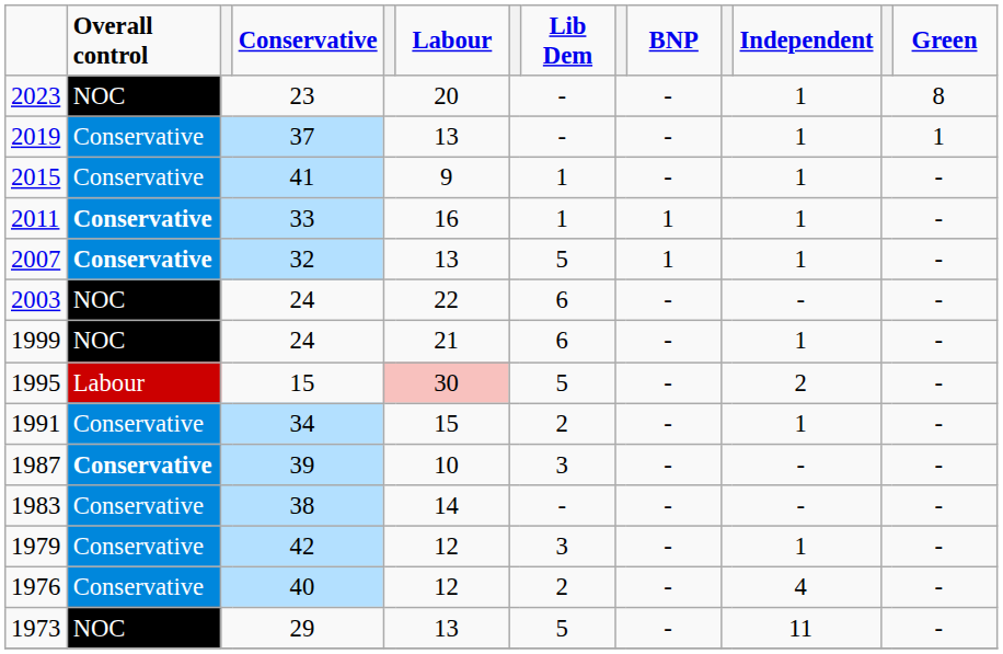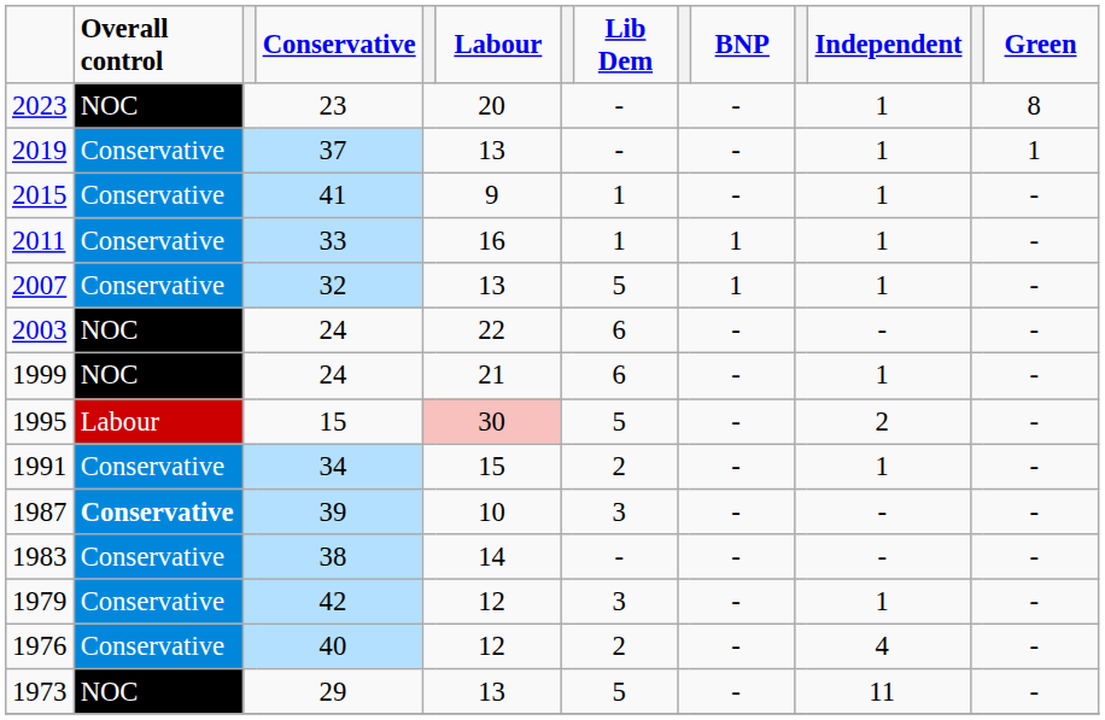 <table class="wikitable" style="text-align:left; padding-left:1em; font-size: 95%">
 <tr>
 <td width=32></td>
 <td width=90><strong>Overall control</strong></td>
 <th style="background-color: "></th>
 <td width=87 align="center"><strong><a href='#'>Conservative</a></strong></td>
 <th style="background-color: "></th>
 <td width=87 align="center"><strong><a href='#'>Labour</a></strong></td>
 <th style="background-color: "></th>
 <td width=87 align="center"><strong><a href='#'>Lib Dem</a></strong></td>
 <th style="background-color: "></th>
 <td width=87 align="center"><strong><a href='#'>BNP</a></strong></td>
 <th style="background-color: "></th>
 <td width=87 align="center"><strong><a href='#'>Independent</a></strong></td>
 <th style="background-color: "></th>
 <td width=87 align="center"><strong><a href='#'>Green</a></strong></td>
 </tr>
 <tr>
 <td><a href='#'>2023</a></td>
 <td style="background:#000000; color:white">NOC</td>
 <td colspan=2 align="center">23</td>
 <td colspan=2 align="center">20</td>
 <td colspan=2 align="center">-</td>
 <td colspan=2 align="center">-</td>
 <td colspan=2 align="center">1</td>
 <td colspan=2 align="center">8</td>
 </tr>
 <tr>
 <td><a href='#'>2019</a></td>
 <td style="background:#0087DC; color:white">Conservative</td>
 <td colspan=2 align="center" style="background:#B3E0FF">37</td>
 <td colspan=2 align="center">13</td>
 <td colspan=2 align="center">-</td>
 <td colspan=2 align="center">-</td>
 <td colspan=2 align="center">1</td>
 <td colspan=2 align="center">1</td>
 </tr>
 <tr>
 <td><a href='#'>2015</a></td>
 <td style="background:#0087DC; color:white">Conservative</td>
 <td colspan=2 align="center" style="background:#B3E0FF">41</td>
 <td colspan=2 align="center">9</td>
 <td colspan=2 align="center">1</td>
 <td colspan=2 align="center">-</td>
 <td colspan=2 align="center">1</td>
 <td colspan=2 align="center">-</td>
 </tr>
 <tr>
 <td><a href='#'>2011</a></td>
-<td style="background:#0087DC; color:white"><strong>Conservative</strong></td>
+<td style="background:#0087DC; color:white">Conservative</td>
 <td colspan=2 align="center" style="background:#B3E0FF">33</td>
 <td colspan=2 align="center">16</td>
 <td colspan=2 align="center">1</td>
 <td colspan=2 align="center">1</td>
 <td colspan=2 align="center">1</td>
 <td colspan=2 align="center">-</td>
 </tr>
 <tr>
 <td><a href='#'>2007</a></td>
-<td style="background:#0087DC; color:white"><strong>Conservative</strong></td>
+<td style="background:#0087DC; color:white">Conservative</td>
 <td colspan=2 align="center" style="background:#B3E0FF">32</td>
 <td colspan=2 align="center">13</td>
 <td colspan=2 align="center">5</td>
 <td colspan=2 align="center">1</td>
 <td colspan=2 align="center">1</td>
 <td colspan=2 align="center">-</td>
 </tr>
 <tr>
 <td><a href='#'>2003</a></td>
 <td style="background:#000000; color:white">NOC</td>
 <td colspan=2 align="center">24</td>
 <td colspan=2 align="center">22</td>
 <td colspan=2 align="center">6</td>
 <td colspan=2 align="center">-</td>
 <td colspan=2 align="center">-</td>
 <td colspan=2 align="center">-</td>
 </tr>
 <tr>
 <td>1999</td>
 <td style="background:#000000; color:white">NOC</td>
 <td colspan=2 align="center">24</td>
 <td colspan=2 align="center">21</td>
 <td colspan=2 align="center">6</td>
 <td colspan=2 align="center">-</td>
 <td colspan=2 align="center">1</td>
 <td colspan=2 align="center">-</td>
 </tr>
 <tr>
 <td>1995</td>
 <td style="background:#cc0000; color:white">Labour</td>
 <td colspan=2 align="center">15</td>
 <td colspan=2 align="center" style="background:#F8C1BE">30</td>
 <td colspan=2 align="center">5</td>
 <td colspan=2 align="center">-</td>
 <td colspan=2 align="center">2</td>
 <td colspan=2 align="center">-</td>
 </tr>
 <tr>
 <td>1991</td>
 <td style="background:#0087DC; color:white">Conservative</td>
 <td colspan=2 align="center" style="background:#B3E0FF">34</td>
 <td colspan=2 align="center">15</td>
 <td colspan=2 align="center">2</td>
 <td colspan=2 align="center">-</td>
 <td colspan=2 align="center">1</td>
 <td colspan=2 align="center">-</td>
 </tr>
 <tr>
 <td>1987</td>
 <td style="background:#0087DC; color:white"><strong>Conservative</strong></td>
 <td colspan=2 align="center" style="background:#B3E0FF">39</td>
 <td colspan=2 align="center">10</td>
 <td colspan=2 align="center">3</td>
 <td colspan=2 align="center">-</td>
 <td colspan=2 align="center">-</td>
 <td colspan=2 align="center">-</td>
 </tr>
 <tr>
 <td>1983</td>
 <td style="background:#0087DC; color:white">Conservative</td>
 <td colspan=2 align="center" style="background:#B3E0FF">38</td>
 <td colspan=2 align="center">14</td>
 <td colspan=2 align="center">-</td>
 <td colspan=2 align="center">-</td>
 <td colspan=2 align="center">-</td>
 <td colspan=2 align="center">-</td>
 </tr>
 <tr>
 <td>1979</td>
 <td style="background:#0087DC; color:white">Conservative</td>
 <td colspan=2 align="center" style="background:#B3E0FF">42</td>
 <td colspan=2 align="center">12</td>
 <td colspan=2 align="center">3</td>
 <td colspan=2 align="center">-</td>
 <td colspan=2 align="center">1</td>
 <td colspan=2 align="center">-</td>
 </tr>
 <tr>
 <td>1976</td>
 <td style="background:#0087DC; color:white">Conservative</td>
 <td colspan=2 align="center" style="background:#B3E0FF">40</td>
 <td colspan=2 align="center">12</td>
 <td colspan=2 align="center">2</td>
 <td colspan=2 align="center">-</td>
 <td colspan=2 align="center">4</td>
 <td colspan=2 align="center">-</td>
 </tr>
 <tr>
 <td>1973</td>
 <td style="background:#000000; color:white">NOC</td>
 <td colspan=2 align="center">29</td>
 <td colspan=2 align="center">13</td>
 <td colspan=2 align="center">5</td>
 <td colspan=2 align="center">-</td>
 <td colspan=2 align="center">11</td>
 <td colspan=2 align="center">-</td>
 </tr>
 <tr>
 </tr>
 </table>
